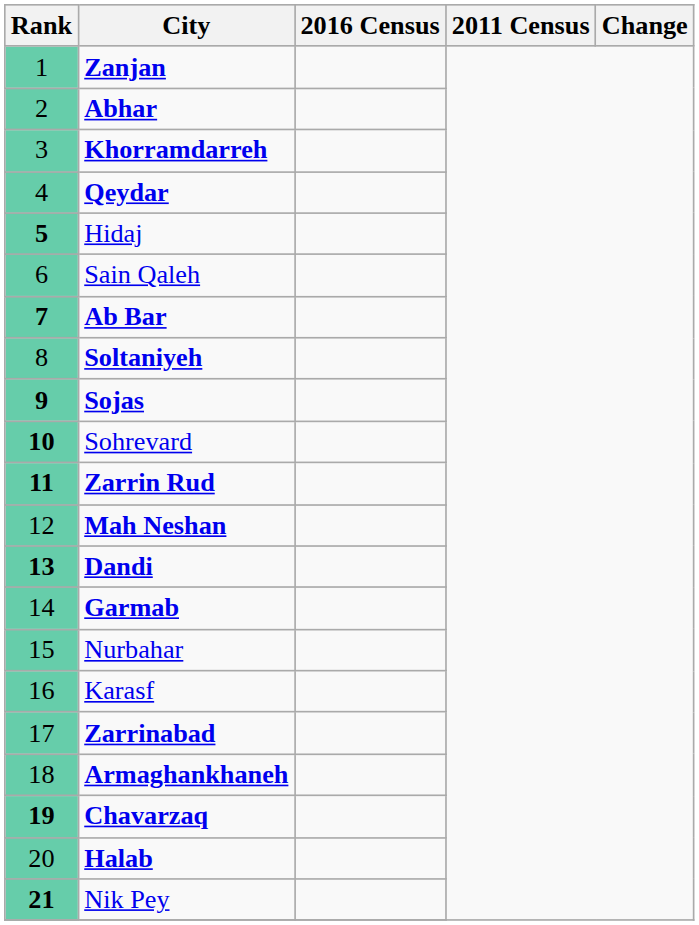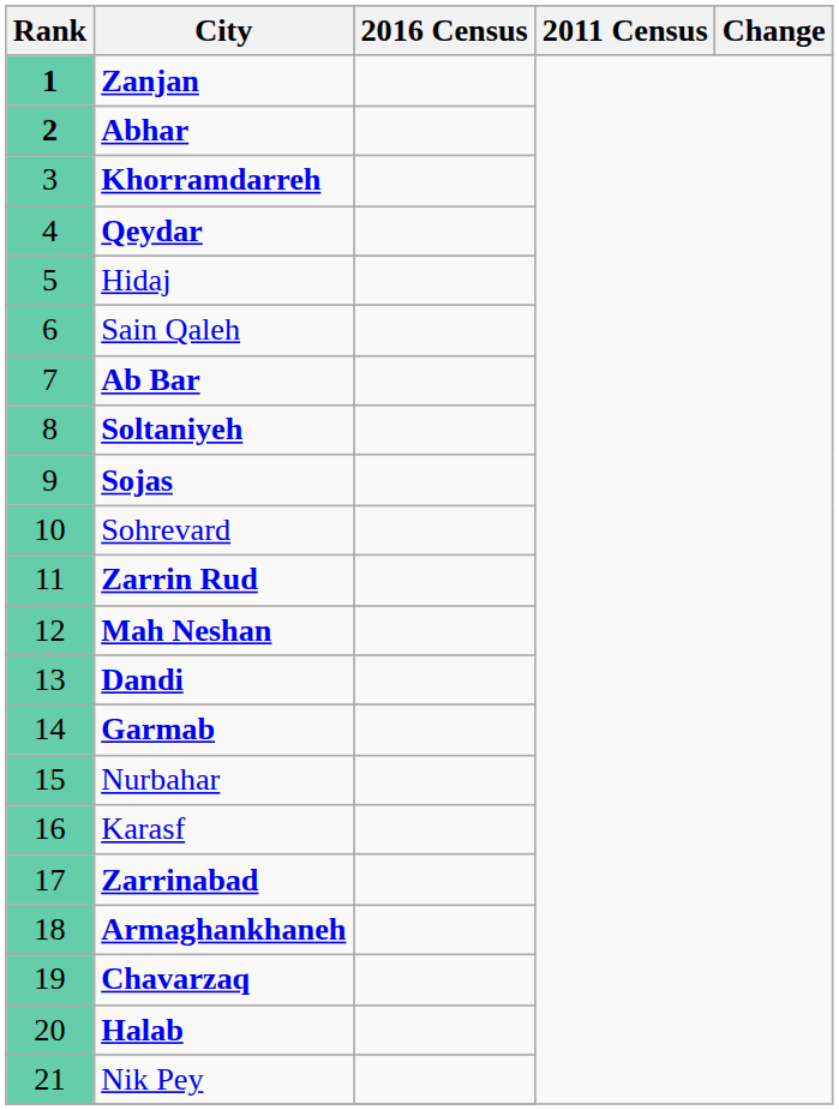 <table class="wikitable sortable">
 <tr>
 <th>Rank</th>
 <th>City</th>
 <th>2016 Census</th>
 <th>2011 Census</th>
 <th>Change</th>
 </tr>
 <tr>
-<td align=center bgcolor="66CDAA">1</td>
+<td align=center bgcolor="66CDAA"><strong>1</strong></td>
 <td><strong><a href='#'>Zanjan</a></strong></td>
 <td></td>
 </tr>
 <tr>
-<td align=center bgcolor="66CDAA">2</td>
+<td align=center bgcolor="66CDAA"><strong>2</strong></td>
 <td><strong><a href='#'>Abhar</a></strong></td>
 <td></td>
 </tr>
 <tr>
 <td align=center bgcolor="66CDAA">3</td>
 <td><strong><a href='#'>Khorramdarreh</a></strong></td>
 <td></td>
 </tr>
 <tr>
 <td align=center bgcolor="66CDAA">4</td>
 <td><strong><a href='#'>Qeydar</a></strong></td>
 <td></td>
 </tr>
 <tr>
-<td align=center bgcolor="66CDAA"><strong>5</strong></td>
+<td align=center bgcolor="66CDAA">5</td>
 <td><a href='#'>Hidaj</a></td>
 <td></td>
 </tr>
 <tr>
 <td align=center bgcolor="66CDAA">6</td>
 <td><a href='#'>Sain Qaleh</a></td>
 <td></td>
 </tr>
 <tr>
-<td align=center bgcolor="66CDAA"><strong>7</strong></td>
+<td align=center bgcolor="66CDAA">7</td>
 <td><strong><a href='#'>Ab Bar</a></strong></td>
 <td></td>
 </tr>
 <tr>
 <td align=center bgcolor="66CDAA">8</td>
 <td><strong><a href='#'>Soltaniyeh</a></strong></td>
 <td></td>
 </tr>
 <tr>
-<td align=center bgcolor="66CDAA"><strong>9</strong></td>
+<td align=center bgcolor="66CDAA">9</td>
 <td><strong><a href='#'>Sojas</a></strong></td>
 <td></td>
 </tr>
 <tr>
-<td align=center bgcolor="66CDAA"><strong>10</strong></td>
+<td align=center bgcolor="66CDAA">10</td>
 <td><a href='#'>Sohrevard</a></td>
 <td></td>
 </tr>
 <tr>
-<td align=center bgcolor="66CDAA"><strong>11</strong></td>
+<td align=center bgcolor="66CDAA">11</td>
 <td><strong><a href='#'>Zarrin Rud</a></strong></td>
 <td></td>
 </tr>
 <tr>
 <td align=center bgcolor="66CDAA">12</td>
 <td><strong><a href='#'>Mah Neshan</a></strong></td>
 <td></td>
 </tr>
 <tr>
-<td align=center bgcolor="66CDAA"><strong>13</strong></td>
+<td align=center bgcolor="66CDAA">13</td>
 <td><strong><a href='#'>Dandi</a></strong></td>
 <td></td>
 </tr>
 <tr>
 <td align=center bgcolor="66CDAA">14</td>
 <td><strong><a href='#'>Garmab</a></strong></td>
 <td></td>
 </tr>
 <tr>
 <td align=center bgcolor="66CDAA">15</td>
 <td><a href='#'>Nurbahar</a></td>
 <td></td>
 </tr>
 <tr>
 <td align=center bgcolor="66CDAA">16</td>
 <td><a href='#'>Karasf</a></td>
 <td></td>
 </tr>
 <tr>
 <td align=center bgcolor="66CDAA">17</td>
 <td><strong><a href='#'>Zarrinabad</a></strong></td>
 <td></td>
 </tr>
 <tr>
 <td align=center bgcolor="66CDAA">18</td>
 <td><strong><a href='#'>Armaghankhaneh</a></strong></td>
 <td></td>
 </tr>
 <tr>
-<td align=center bgcolor="66CDAA"><strong>19</strong></td>
+<td align=center bgcolor="66CDAA">19</td>
 <td><strong><a href='#'>Chavarzaq</a></strong></td>
 <td></td>
 </tr>
 <tr>
 <td align=center bgcolor="66CDAA">20</td>
 <td><strong><a href='#'>Halab</a></strong></td>
 <td></td>
 </tr>
 <tr>
-<td align=center bgcolor="66CDAA"><strong>21</strong></td>
+<td align=center bgcolor="66CDAA">21</td>
 <td><a href='#'>Nik Pey</a></td>
 <td></td>
 </tr>
 <tr>
 </tr>
 </table>
